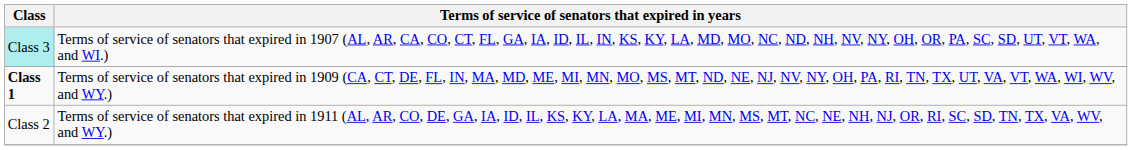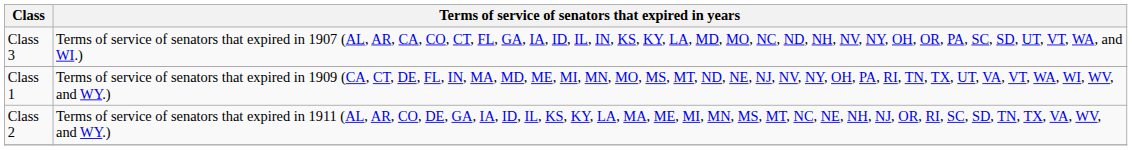 <table class="wikitable sortable">
 <tr valign=bottom>
 <th>Class</th>
 <th>Terms of service of senators that expired in years</th>
 </tr>
 <tr>
-<td style="background: paleturquoise;">Class 3</td>
+<td>Class 3</td>
 <td>Terms of service of senators that expired in 1907 (<a href='#'>AL</a>, <a href='#'>AR</a>, <a href='#'>CA</a>, <a href='#'>CO</a>, <a href='#'>CT</a>, <a href='#'>FL</a>, <a href='#'>GA</a>, <a href='#'>IA</a>, <a href='#'>ID</a>, <a href='#'>IL</a>, <a href='#'>IN</a>, <a href='#'>KS</a>, <a href='#'>KY</a>, <a href='#'>LA</a>, <a href='#'>MD</a>, <a href='#'>MO</a>, <a href='#'>NC</a>, <a href='#'>ND</a>, <a href='#'>NH</a>, <a href='#'>NV</a>, <a href='#'>NY</a>, <a href='#'>OH</a>, <a href='#'>OR</a>, <a href='#'>PA</a>, <a href='#'>SC</a>, <a href='#'>SD</a>, <a href='#'>UT</a>, <a href='#'>VT</a>, <a href='#'>WA</a>, and <a href='#'>WI</a>.)</td>
 </tr>
 <tr>
 </tr>
 <tr>
-<td><strong>Class 1</strong></td>
+<td>Class 1</td>
 <td>Terms of service of senators that expired in 1909 (<a href='#'>CA</a>, <a href='#'>CT</a>, <a href='#'>DE</a>, <a href='#'>FL</a>, <a href='#'>IN</a>, <a href='#'>MA</a>, <a href='#'>MD</a>, <a href='#'>ME</a>,  <a href='#'>MI</a>, <a href='#'>MN</a>, <a href='#'>MO</a>, <a href='#'>MS</a>, <a href='#'>MT</a>, <a href='#'>ND</a>, <a href='#'>NE</a>, <a href='#'>NJ</a>,  <a href='#'>NV</a>, <a href='#'>NY</a>, <a href='#'>OH</a>, <a href='#'>PA</a>, <a href='#'>RI</a>, <a href='#'>TN</a>, <a href='#'>TX</a>, <a href='#'>UT</a>, <a href='#'>VA</a>, <a href='#'>VT</a>, <a href='#'>WA</a>, <a href='#'>WI</a>, <a href='#'>WV</a>, and <a href='#'>WY</a>.)</td>
 </tr>
 <tr>
 <td>Class 2</td>
 <td>Terms of service of senators that expired in 1911 (<a href='#'>AL</a>, <a href='#'>AR</a>, <a href='#'>CO</a>, <a href='#'>DE</a>, <a href='#'>GA</a>, <a href='#'>IA</a>, <a href='#'>ID</a>, <a href='#'>IL</a>, <a href='#'>KS</a>, <a href='#'>KY</a>, <a href='#'>LA</a>, <a href='#'>MA</a>, <a href='#'>ME</a>, <a href='#'>MI</a>, <a href='#'>MN</a>, <a href='#'>MS</a>, <a href='#'>MT</a>, <a href='#'>NC</a>, <a href='#'>NE</a>, <a href='#'>NH</a>, <a href='#'>NJ</a>, <a href='#'>OR</a>, <a href='#'>RI</a>, <a href='#'>SC</a>, <a href='#'>SD</a>, <a href='#'>TN</a>, <a href='#'>TX</a>, <a href='#'>VA</a>, <a href='#'>WV</a>, and <a href='#'>WY</a>.)</td>
 </tr>
 <tr>
 </tr>
 </table>
